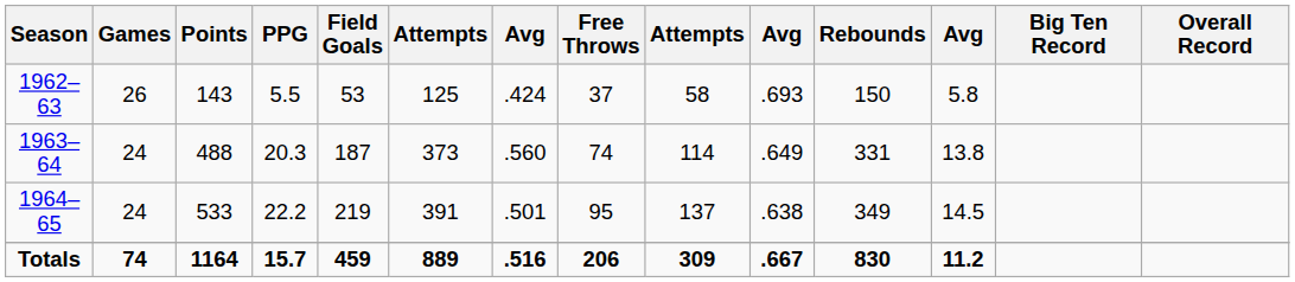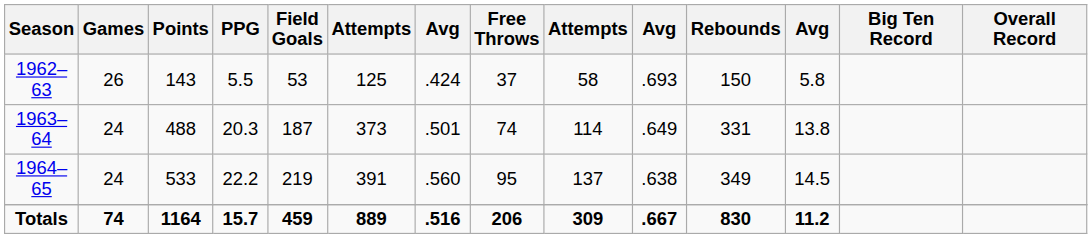 <table class="wikitable sortable" style="text-align:center">
 <tr>
 <th width=40px>Season</th>
 <th width=40px>Games</th>
 <th width=40px>Points</th>
 <th width=40px>PPG</th>
 <th width=40px>Field Goals</th>
 <th width=40px>Attempts</th>
 <th width=40px>Avg</th>
 <th width=40px>Free Throws</th>
 <th width=40px>Attempts</th>
 <th width=40px>Avg</th>
 <th width=40px>Rebounds</th>
 <th width=40px>Avg</th>
 <th width=100px>Big Ten <br>Record</th>
 <th width=100px>Overall <br>Record</th>
 </tr>
 <tr>
 <td><a href='#'>1962–63</a></td>
 <td>26</td>
 <td>143</td>
 <td>5.5</td>
 <td>53</td>
 <td>125</td>
 <td>.424</td>
 <td>37</td>
 <td>58</td>
 <td>.693</td>
 <td>150</td>
 <td>5.8</td>
 <td></td>
 <td></td>
 </tr>
 <tr>
 <td><a href='#'>1963–64</a></td>
 <td>24</td>
 <td>488</td>
 <td>20.3</td>
 <td>187</td>
 <td>373</td>
-<td>.560</td>
+<td>.501</td>
 <td>74</td>
 <td>114</td>
 <td>.649</td>
 <td>331</td>
 <td>13.8</td>
 <td></td>
 <td></td>
 </tr>
 <tr>
 <td><a href='#'>1964–65</a></td>
 <td>24</td>
 <td>533</td>
 <td>22.2</td>
 <td>219</td>
 <td>391</td>
-<td>.501</td>
+<td>.560</td>
 <td>95</td>
 <td>137</td>
 <td>.638</td>
 <td>349</td>
 <td>14.5</td>
 <td></td>
 <td></td>
 </tr>
 <tr>
 </tr>
 <tr class="sortbottom">
 <td><strong>Totals</strong></td>
 <td><strong>74</strong></td>
 <td><strong>1164</strong></td>
 <td><strong>15.7</strong></td>
 <td><strong>459</strong></td>
 <td><strong>889</strong></td>
 <td><strong>.516</strong></td>
 <td><strong>206</strong></td>
 <td><strong>309</strong></td>
 <td><strong>.667</strong></td>
 <td><strong>830</strong></td>
 <td><strong>11.2</strong></td>
 <td><strong></strong></td>
 <td><strong></strong></td>
 </tr>
 </table>
